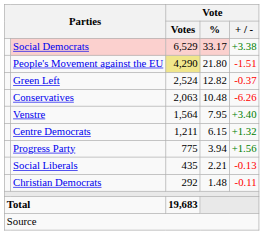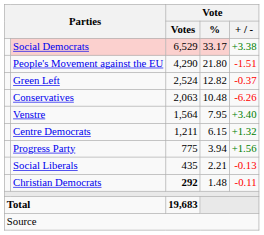 <table class="wikitable" style="text-align:right;">
 <tr>
 <th style="text-align:centre;" rowspan="2" colspan="2" width="225">Parties</th>
 <th colspan="3">Vote</th>
 </tr>
 <tr>
 <th width="15">Votes</th>
 <th width="15">%</th>
 <th width="15">+ / -</th>
 </tr>
 <tr>
 <td width="2" style="color:inherit;background:"></td>
 <td bgcolor=#fbd0ce   align="left"><a href='#'>Social Democrats</a></td>
 <td bgcolor=#fbd0ce>6,529</td>
 <td bgcolor=#fbd0ce>33.17</td>
 <td style=color:green;>+3.38</td>
 </tr>
 <tr>
 <td width="2" style="color:inherit;background:"></td>
 <td align="left"><a href='#'>People's Movement against the EU</a></td>
-<td style="background: khaki;">4,290</td>
+<td>4,290</td>
 <td>21.80</td>
 <td style=color:red;>-1.51</td>
 </tr>
 <tr>
 <td width="2" style="color:inherit;background:"></td>
 <td align="left"><a href='#'>Green Left</a></td>
 <td>2,524</td>
 <td>12.82</td>
 <td style=color:red;>-0.37</td>
 </tr>
 <tr>
 <td width="2" style="color:inherit;background:"></td>
 <td align="left"><a href='#'>Conservatives</a></td>
 <td>2,063</td>
 <td>10.48</td>
 <td style=color:red;>-6.26</td>
 </tr>
 <tr>
 <td width="2" style="color:inherit;background:"></td>
 <td align="left"><a href='#'>Venstre</a></td>
 <td>1,564</td>
 <td>7.95</td>
 <td style=color:green;>+3.40</td>
 </tr>
 <tr>
 <td width="2" style="color:inherit;background:"></td>
 <td align="left"><a href='#'>Centre Democrats</a></td>
 <td>1,211</td>
 <td>6.15</td>
 <td style=color:green;>+1.32</td>
 </tr>
 <tr>
 <td width="2" style="color:inherit;background:"></td>
 <td align="left"><a href='#'>Progress Party</a></td>
 <td>775</td>
 <td>3.94</td>
 <td style=color:green;>+1.56</td>
 </tr>
 <tr>
 <td width="2" style="color:inherit;background:"></td>
 <td align="left"><a href='#'>Social Liberals</a></td>
 <td>435</td>
 <td>2.21</td>
 <td style=color:red;>-0.13</td>
 </tr>
 <tr>
 <td width="2" style="color:inherit;background:"></td>
 <td align="left"><a href='#'>Christian Democrats</a></td>
-<td>292</td>
+<td><strong>292</strong></td>
 <td>1.48</td>
 <td style=color:red;>-0.11</td>
 </tr>
 <tr>
 <td colspan="7" bgcolor="#E9E9E9"></td>
 </tr>
 <tr>
 <td align="left" colspan="2"><strong>Total</strong></td>
 <td><strong>19,683</strong></td>
 <td bgcolor="#E9E9E9" colspan="2"></td>
 </tr>
 <tr>
 <td align="left" colspan="6">Source</td>
 </tr>
 </table>
